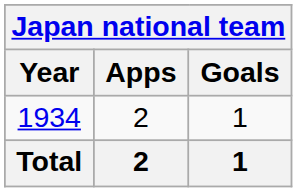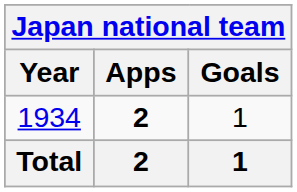 <table class="wikitable" style="text-align:center">
 <tr>
 <th colspan=3><a href='#'>Japan national team</a></th>
 </tr>
 <tr>
 <th>Year</th>
 <th>Apps</th>
 <th>Goals</th>
 </tr>
 <tr>
 <td><a href='#'>1934</a></td>
-<td>2</td>
+<td><strong>2</strong></td>
 <td>1</td>
 </tr>
 <tr>
 <th>Total</th>
 <th>2</th>
 <th>1</th>
 </tr>
 </table>
